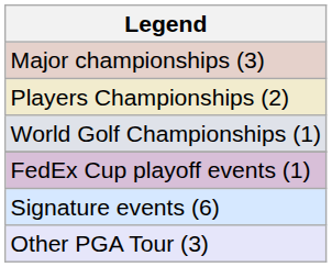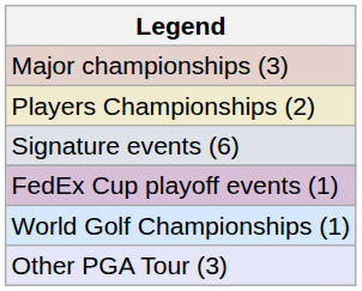 <table class="wikitable" style="font-size:95%;">
 <tr>
 <th>Legend</th>
 </tr>
 <tr style="background:#e5d1cb;">
 <td>Major championships (3)</td>
 </tr>
 <tr style="background:#f2ecce;">
 <td>Players Championships (2)</td>
 </tr>
 <tr style="background:#dfe2e9;">
-<td>World Golf Championships (1)</td>
+<td>Signature events (6)</td>
 </tr>
 <tr>
 </tr>
 <tr style="background:thistle;">
 <td>FedEx Cup playoff events (1)</td>
 </tr>
 <tr style="background:#D6E8FF;">
-<td>Signature events (6)</td>
+<td>World Golf Championships (1)</td>
 </tr>
 <tr>
 <td style="background: lavender;">Other PGA Tour (3)</td>
 </tr>
 </table>
